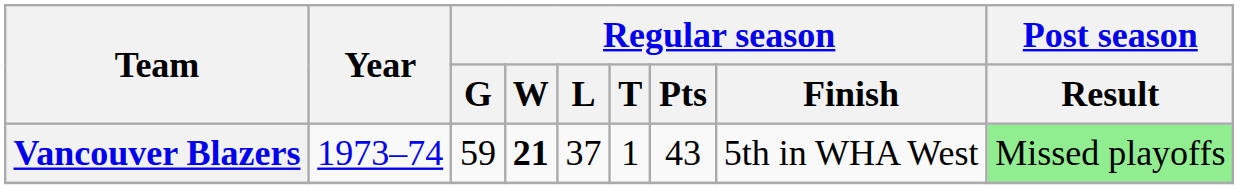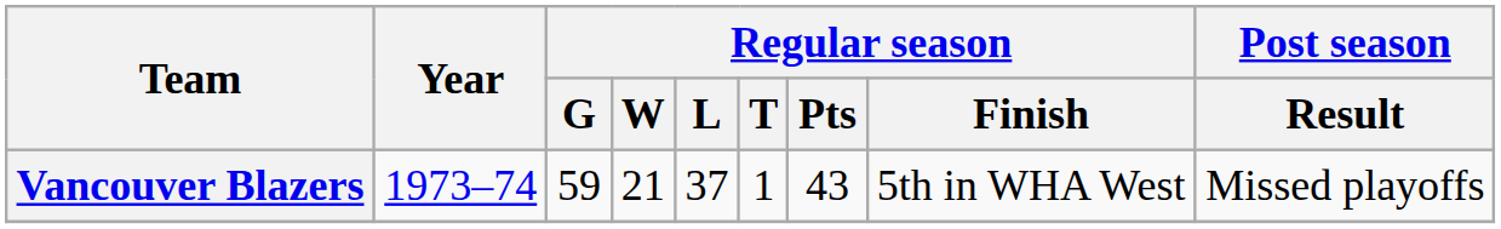 <table class="wikitable" style="font-size: 95%; text-align:center;">
 <tr>
 <th rowspan="2">Team</th>
 <th rowspan="2">Year</th>
 <th colspan="6"><a href='#'>Regular season</a></th>
 <th colspan="1"><a href='#'>Post season</a></th>
 </tr>
 <tr>
 <th>G</th>
 <th>W</th>
 <th>L</th>
 <th>T</th>
 <th>Pts</th>
 <th>Finish</th>
 <th>Result</th>
 </tr>
 <tr>
 <th><a href='#'>Vancouver Blazers</a></th>
 <td><a href='#'>1973–74</a></td>
 <td>59</td>
-<td><strong>21</strong></td>
+<td>21</td>
 <td>37</td>
 <td>1</td>
 <td>43</td>
 <td>5th in WHA West</td>
-<td style="background: lightgreen;">Missed playoffs</td>
+<td>Missed playoffs</td>
 </tr>
 <tr>
 </tr>
 </table>
